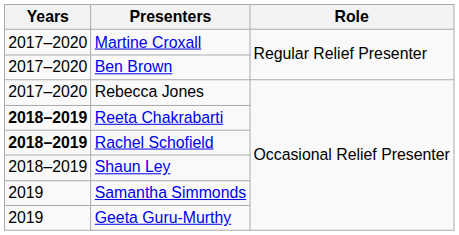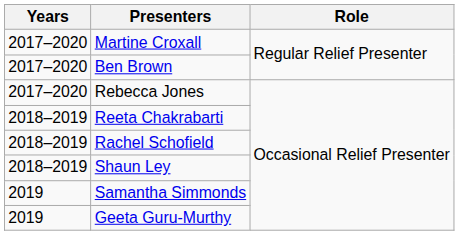 <table class="wikitable">
 <tr>
 <th>Years</th>
 <th>Presenters</th>
 <th>Role</th>
 </tr>
 <tr>
 <td>2017–2020</td>
 <td><a href='#'>Martine Croxall</a></td>
 <td rowspan="2">Regular Relief Presenter</td>
 </tr>
 <tr>
 <td>2017–2020</td>
 <td><a href='#'>Ben Brown</a></td>
 </tr>
 <tr>
 <td>2017–2020</td>
 <td>Rebecca Jones</td>
 <td rowspan="7">Occasional Relief Presenter</td>
 </tr>
 <tr>
-<td><strong>2018–2019</strong></td>
+<td>2018–2019</td>
 <td><a href='#'>Reeta Chakrabarti</a></td>
 </tr>
 <tr>
-<td><strong>2018–2019</strong></td>
+<td>2018–2019</td>
 <td><a href='#'>Rachel Schofield</a></td>
 </tr>
 <tr>
 <td>2018–2019</td>
 <td><a href='#'>Shaun Ley</a></td>
 </tr>
 <tr>
 <td>2019</td>
 <td><a href='#'>Samantha Simmonds</a></td>
 </tr>
 <tr>
 <td>2019</td>
 <td><a href='#'>Geeta Guru-Murthy</a></td>
 </tr>
 </table>
